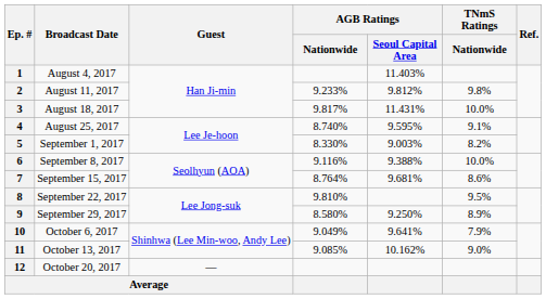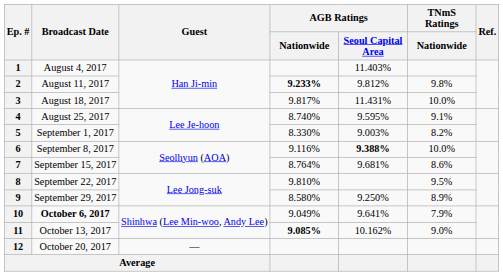 <table class="wikitable" style="text-align:center;">
 <tr>
 <th rowspan=2>Ep. #</th>
 <th rowspan=2>Broadcast Date</th>
 <th class="unsortable" rowspan=2>Guest</th>
 <th colspan=2>AGB Ratings</th>
 <th>TNmS Ratings</th>
 <th rowspan="2">Ref.</th>
 </tr>
 <tr>
 <th width=100>Nationwide</th>
 <th width=100><a href='#'>Seoul Capital Area</a></th>
 <th width=100>Nationwide</th>
 </tr>
 <tr>
 <th>1</th>
 <td>August 4, 2017</td>
 <td rowspan=3><a href='#'>Han Ji-min</a></td>
 <td></td>
 <td>11.403%</td>
 <td></td>
 <td rowspan="3"></td>
 </tr>
 <tr>
 <th>2</th>
 <td>August 11, 2017</td>
-<td>9.233%</td>
+<td><strong>9.233%</strong></td>
 <td>9.812%</td>
 <td>9.8%</td>
 </tr>
 <tr>
 <th>3</th>
 <td>August 18, 2017</td>
 <td>9.817%</td>
 <td>11.431%</td>
 <td>10.0%</td>
 </tr>
 <tr>
 <th>4</th>
 <td>August 25, 2017</td>
 <td rowspan=2><a href='#'>Lee Je-hoon</a></td>
 <td>8.740%</td>
 <td>9.595%</td>
 <td>9.1%</td>
 <td rowspan="2"></td>
 </tr>
 <tr>
 <th>5</th>
 <td>September 1, 2017</td>
 <td>8.330%</td>
 <td>9.003%</td>
 <td>8.2%</td>
 </tr>
 <tr>
 <th>6</th>
 <td>September 8, 2017</td>
 <td rowspan=2><a href='#'>Seolhyun</a> (<a href='#'>AOA</a>)</td>
 <td>9.116%</td>
-<td>9.388%</td>
+<td><strong>9.388%</strong></td>
 <td>10.0%</td>
 <td rowspan="2"></td>
 </tr>
 <tr>
 <th>7</th>
 <td>September 15, 2017</td>
 <td>8.764%</td>
 <td>9.681%</td>
 <td>8.6%</td>
 </tr>
 <tr>
 <th>8</th>
 <td>September 22, 2017</td>
 <td rowspan=2><a href='#'>Lee Jong-suk</a></td>
 <td>9.810%</td>
 <td></td>
 <td>9.5%</td>
 <td rowspan="2"></td>
 </tr>
 <tr>
 <th>9</th>
 <td>September 29, 2017</td>
 <td>8.580%</td>
 <td>9.250%</td>
 <td>8.9%</td>
 </tr>
 <tr>
 <th>10</th>
-<td>October 6, 2017</td>
+<td><strong>October 6, 2017</strong></td>
 <td rowspan=2><a href='#'>Shinhwa</a> (<a href='#'>Lee Min-woo</a>, <a href='#'>Andy Lee</a>)</td>
 <td>9.049%</td>
 <td>9.641%</td>
 <td>7.9%</td>
 <td rowspan="2"></td>
 </tr>
 <tr>
 <th>11</th>
 <td>October 13, 2017</td>
-<td>9.085%</td>
+<td><strong>9.085%</strong></td>
 <td>10.162%</td>
 <td>9.0%</td>
 </tr>
 <tr>
 <th>12</th>
 <td>October 20, 2017</td>
 <td>—</td>
 <td></td>
 <td></td>
 <td></td>
 <td></td>
 </tr>
 <tr>
 <th colspan="3">Average</th>
 <th></th>
 <th></th>
 <th></th>
 <th></th>
 </tr>
 </table>
